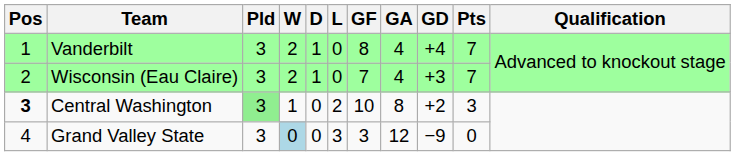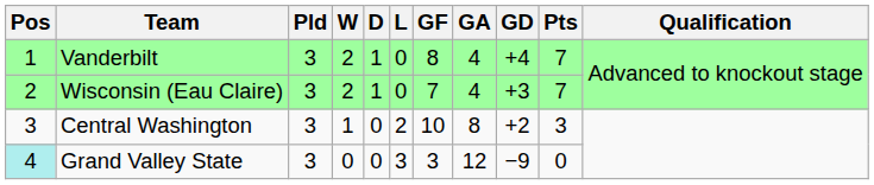 <table class="wikitable" style="text-align:center">
 <tr>
 <th>Pos</th>
 <th>Team</th>
 <th>Pld</th>
 <th>W</th>
 <th>D</th>
 <th>L</th>
 <th>GF</th>
 <th>GA</th>
 <th>GD</th>
 <th>Pts</th>
 <th>Qualification</th>
 </tr>
 <tr bgcolor="#9eff9e">
 <td>1</td>
 <td style="text-align:left">Vanderbilt</td>
 <td>3</td>
 <td>2</td>
 <td>1</td>
 <td>0</td>
 <td>8</td>
 <td>4</td>
 <td>+4</td>
 <td>7</td>
 <td rowspan="2">Advanced to knockout stage</td>
 </tr>
 <tr bgcolor="#9eff9e">
 <td>2</td>
 <td style="text-align:left">Wisconsin (Eau Claire)</td>
 <td>3</td>
 <td>2</td>
 <td>1</td>
 <td>0</td>
 <td>7</td>
 <td>4</td>
 <td>+3</td>
 <td>7</td>
 </tr>
 <tr>
-<td><strong>3</strong></td>
+<td>3</td>
 <td style="text-align:left">Central Washington</td>
-<td style="background: lightgreen;">3</td>
+<td>3</td>
 <td>1</td>
 <td>0</td>
 <td>2</td>
 <td>10</td>
 <td>8</td>
 <td>+2</td>
 <td>3</td>
 <td rowspan="2"></td>
 </tr>
 <tr>
-<td>4</td>
+<td style="background: paleturquoise;">4</td>
 <td style="text-align:left">Grand Valley State</td>
 <td>3</td>
-<td style="background: lightblue;">0</td>
+<td>0</td>
 <td>0</td>
 <td>3</td>
 <td>3</td>
 <td>12</td>
 <td>−9</td>
 <td>0</td>
 </tr>
 </table>
